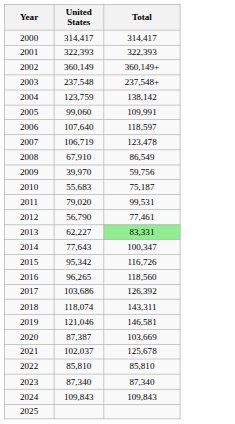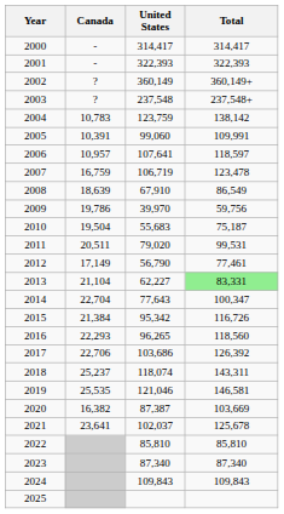 <table class="wikitable sortable" style="font-size:90%; text-align:center">
 <tr>
 <th style="width:5em">Year</th>
+<th style="width:5em">Canada</th>
 <th style="width:5em">United States</th>
 <th style="width:8em">Total</th>
 </tr>
 <tr>
 <td>2000</td>
+<td>-</td>
 <td>314,417</td>
 <td>314,417</td>
 </tr>
 <tr>
 <td>2001</td>
+<td>-</td>
 <td>322,393</td>
 <td>322,393</td>
 </tr>
 <tr>
 <td>2002</td>
+<td>?</td>
 <td>360,149</td>
 <td>360,149+</td>
 </tr>
 <tr>
 <td>2003</td>
+<td>?</td>
 <td>237,548</td>
 <td>237,548+</td>
 </tr>
 <tr>
 <td>2004</td>
+<td>10,783</td>
 <td>123,759</td>
 <td>138,142</td>
 </tr>
 <tr>
 <td>2005</td>
+<td>10,391</td>
 <td>99,060</td>
 <td>109,991</td>
 </tr>
 <tr>
 <td>2006</td>
-<td>107,640</td>
+<td>10,957</td>
+<td>107,641</td>
 <td>118,597</td>
 </tr>
 <tr>
 <td>2007</td>
+<td>16,759</td>
 <td>106,719</td>
 <td>123,478</td>
 </tr>
 <tr>
 <td>2008</td>
+<td>18,639</td>
 <td>67,910</td>
 <td>86,549</td>
 </tr>
 <tr>
 <td>2009</td>
+<td>19,786</td>
 <td>39,970</td>
 <td>59,756</td>
 </tr>
 <tr>
 <td>2010</td>
+<td>19,504</td>
 <td>55,683</td>
 <td>75,187</td>
 </tr>
 <tr>
 <td>2011</td>
+<td>20,511</td>
 <td>79,020</td>
 <td>99,531</td>
 </tr>
 <tr>
 <td>2012</td>
+<td>17,149</td>
 <td>56,790</td>
 <td>77,461</td>
 </tr>
 <tr>
 <td>2013</td>
+<td>21,104</td>
 <td>62,227</td>
 <td style="background: lightgreen;">83,331</td>
 </tr>
 <tr>
 <td>2014</td>
+<td>22,704</td>
 <td>77,643</td>
 <td>100,347</td>
 </tr>
 <tr>
 <td>2015</td>
+<td>21,384</td>
 <td>95,342</td>
 <td>116,726</td>
 </tr>
 <tr>
 <td>2016</td>
+<td>22,293</td>
 <td>96,265</td>
 <td>118,560</td>
 </tr>
 <tr>
 <td>2017</td>
+<td>22,706</td>
 <td>103,686</td>
 <td>126,392</td>
 </tr>
 <tr>
 <td>2018</td>
+<td>25,237</td>
 <td>118,074</td>
 <td>143,311</td>
 </tr>
 <tr>
 <td>2019</td>
+<td>25,535</td>
 <td>121,046</td>
 <td>146,581</td>
 </tr>
 <tr>
 <td>2020</td>
+<td>16,382</td>
 <td>87,387</td>
 <td>103,669</td>
 </tr>
 <tr>
 <td>2021</td>
+<td>23,641</td>
 <td>102,037</td>
 <td>125,678</td>
 </tr>
 <tr>
 <td>2022</td>
+<td style="background:#CCCCCC"></td>
 <td>85,810</td>
 <td>85,810</td>
 </tr>
 <tr>
 <td>2023</td>
+<td style="background:#CCCCCC"></td>
 <td>87,340</td>
 <td>87,340</td>
 </tr>
 <tr>
 <td>2024</td>
+<td style="background:#CCCCCC"></td>
 <td>109,843</td>
 <td>109,843</td>
 </tr>
 <tr>
 <td>2025</td>
+<td style="background:#CCCCCC"></td>
 <td></td>
 <td></td>
 </tr>
 </table>
